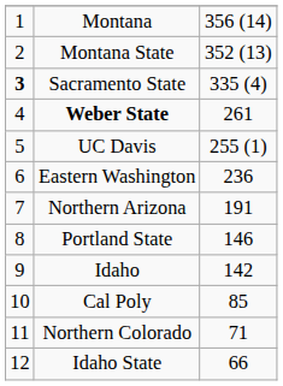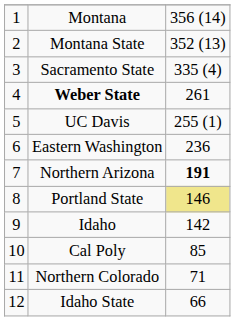 <table class="wikitable" style="display: inline-table;">
 <tr align="center">
 </tr>
 <tr align="center">
 <td>1</td>
 <td>Montana</td>
 <td>356 (14)</td>
 </tr>
 <tr align="center">
 <td>2</td>
 <td>Montana State</td>
 <td>352 (13)</td>
 </tr>
 <tr align="center">
-<td><strong>3</strong></td>
+<td>3</td>
 <td>Sacramento State</td>
 <td>335 (4)</td>
 </tr>
 <tr align="center">
 <td>4</td>
 <td><strong>Weber State</strong></td>
 <td>261</td>
 </tr>
 <tr align="center">
 <td>5</td>
 <td>UC Davis</td>
 <td>255 (1)</td>
 </tr>
 <tr align="center">
 <td>6</td>
 <td>Eastern Washington</td>
 <td>236</td>
 </tr>
 <tr align="center">
 <td>7</td>
 <td>Northern Arizona</td>
-<td>191</td>
+<td><strong>191</strong></td>
 </tr>
 <tr align="center">
 <td>8</td>
 <td>Portland State</td>
-<td>146</td>
+<td style="background: khaki;">146</td>
 </tr>
 <tr align="center">
 <td>9</td>
 <td>Idaho</td>
 <td>142</td>
 </tr>
 <tr align="center">
 <td>10</td>
 <td>Cal Poly</td>
 <td>85</td>
 </tr>
 <tr align="center">
 <td>11</td>
 <td>Northern Colorado</td>
 <td>71</td>
 </tr>
 <tr align="center">
 <td>12</td>
 <td>Idaho State</td>
 <td>66</td>
 </tr>
 </table>
